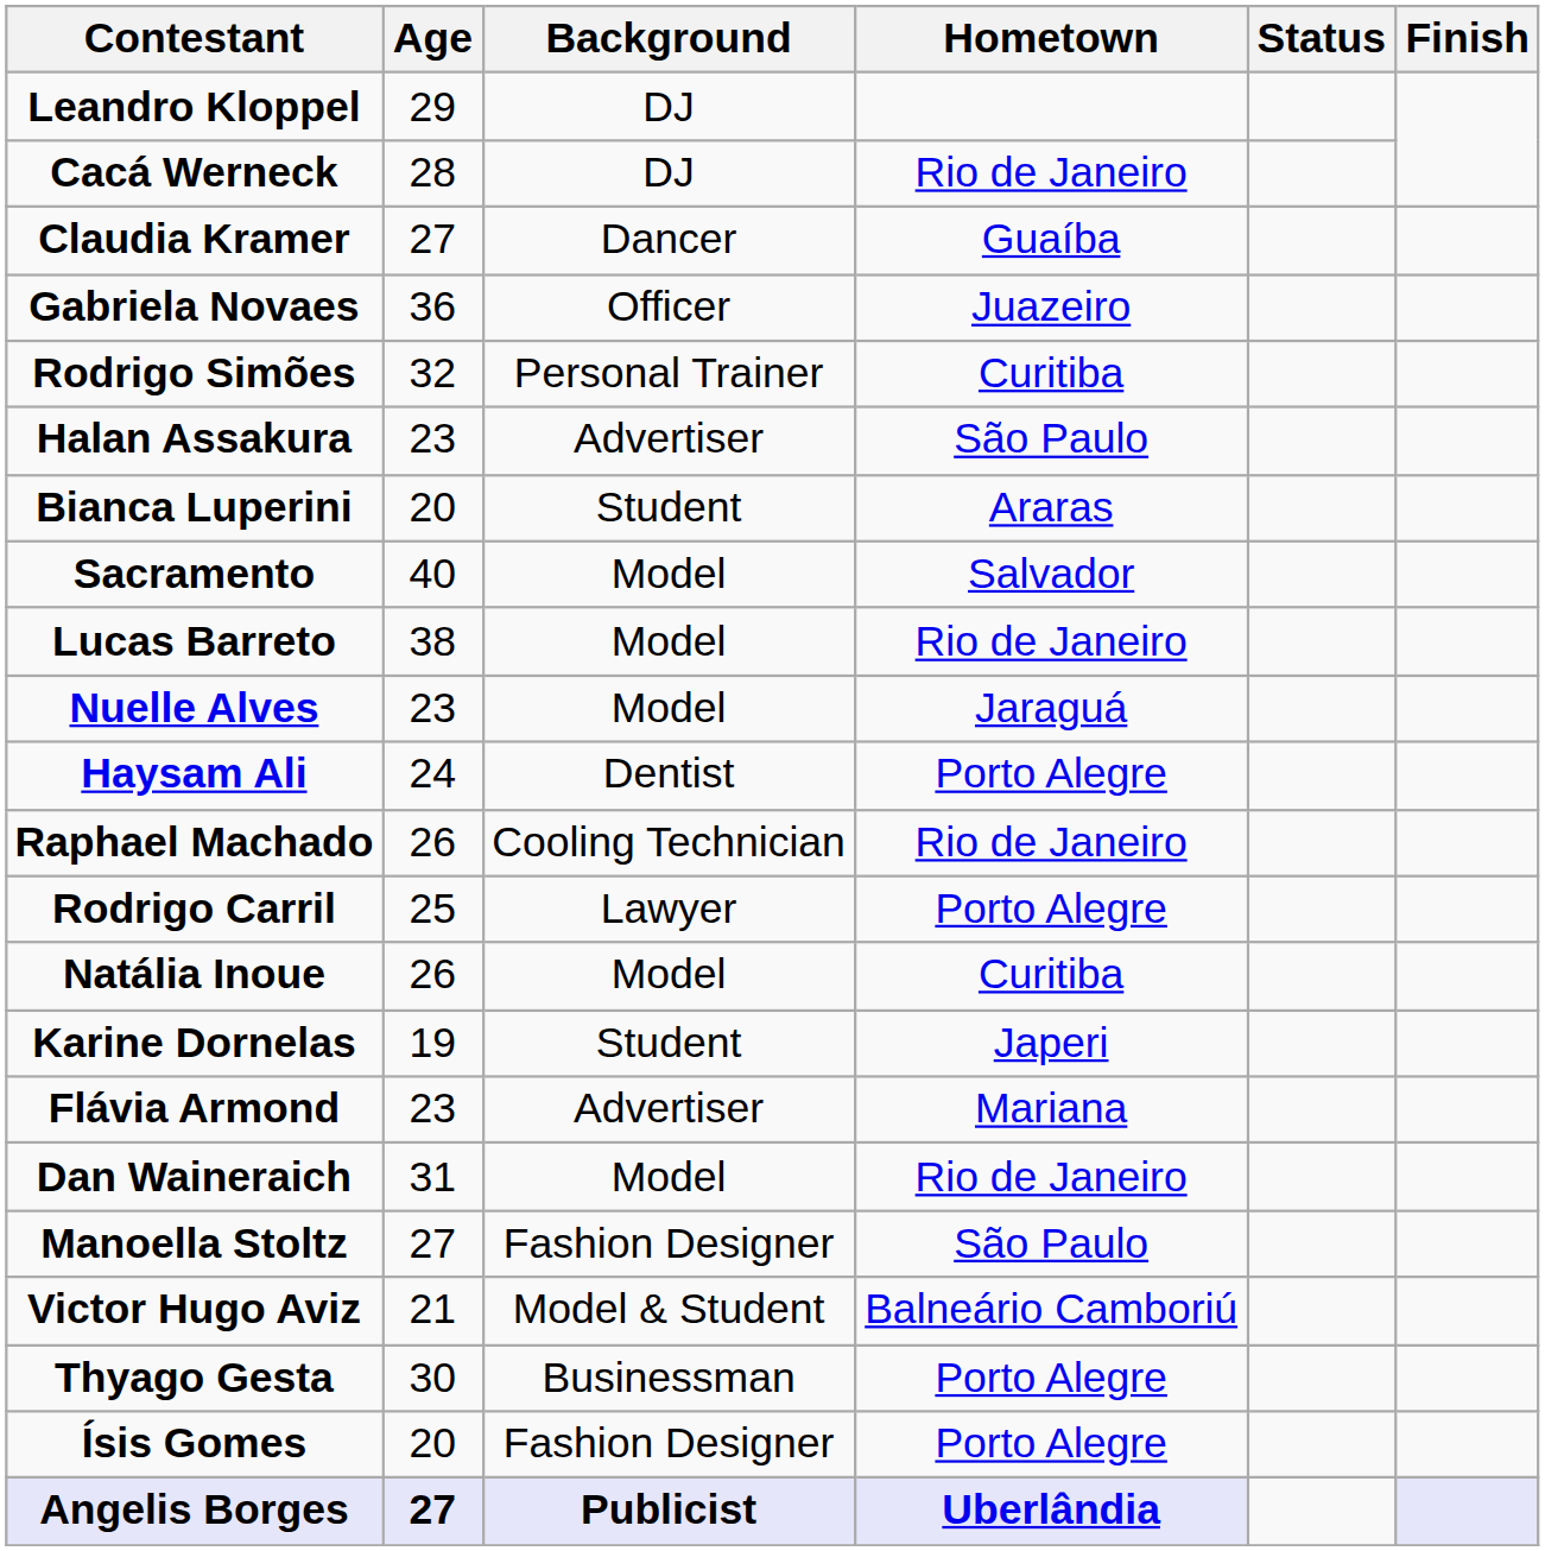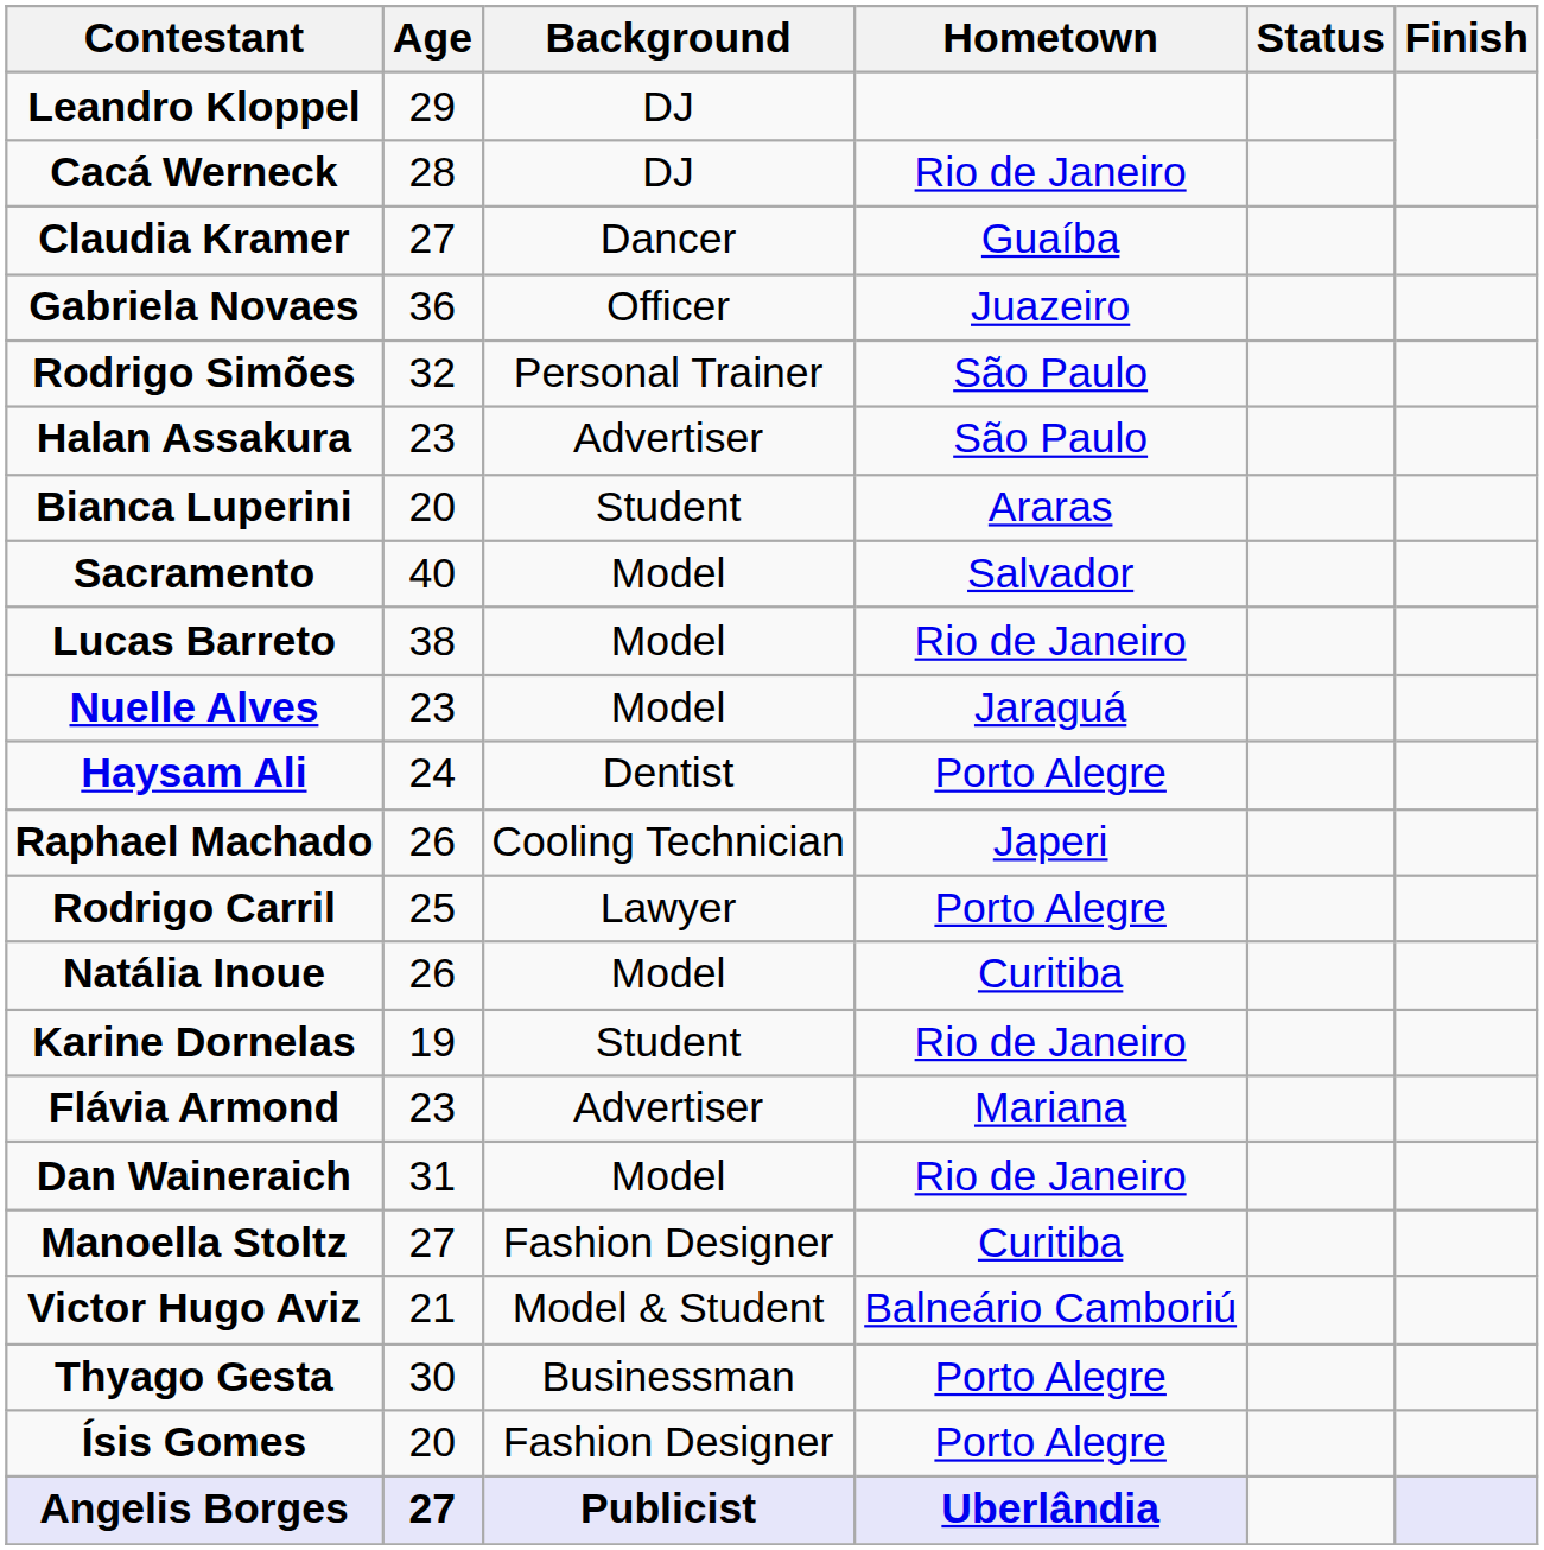 <table class= "wikitable sortable" style="text-align: center; margin:auto; align: center">
 <tr>
 <th>Contestant</th>
 <th>Age</th>
 <th>Background</th>
 <th>Hometown</th>
 <th>Status</th>
 <th>Finish</th>
 </tr>
 <tr>
 <td><strong>Leandro Kloppel</strong></td>
 <td>29</td>
 <td>DJ</td>
 <td><a href='#'></a></td>
 <td></td>
 <td rowspan=2 style="text-align:center;"></td>
 </tr>
 <tr>
 <td><strong>Cacá Werneck</strong></td>
 <td>28</td>
 <td>DJ</td>
 <td><a href='#'>Rio de Janeiro</a></td>
 <td></td>
 </tr>
 <tr>
 <td><strong>Claudia Kramer</strong></td>
 <td>27</td>
 <td>Dancer</td>
 <td><a href='#'>Guaíba</a></td>
 <td></td>
 <td></td>
 </tr>
 <tr>
 <td><strong>Gabriela Novaes</strong></td>
 <td>36</td>
 <td>Officer</td>
 <td><a href='#'>Juazeiro</a></td>
 <td></td>
 <td></td>
 </tr>
 <tr>
 <td><strong>Rodrigo Simões</strong></td>
 <td>32</td>
 <td>Personal Trainer</td>
-<td><a href='#'>Curitiba</a></td>
+<td><a href='#'>São Paulo</a></td>
 <td></td>
 <td></td>
 </tr>
 <tr>
 <td><strong>Halan Assakura</strong></td>
 <td>23</td>
 <td>Advertiser</td>
 <td><a href='#'>São Paulo</a></td>
 <td></td>
 <td></td>
 </tr>
 <tr>
 <td><strong>Bianca Luperini</strong></td>
 <td>20</td>
 <td>Student</td>
 <td><a href='#'>Araras</a></td>
 <td></td>
 <td></td>
 </tr>
 <tr>
 <td><strong>Sacramento</strong></td>
 <td>40</td>
 <td>Model</td>
 <td><a href='#'>Salvador</a></td>
 <td></td>
 <td></td>
 </tr>
 <tr>
 <td><strong>Lucas Barreto</strong></td>
 <td>38</td>
 <td>Model</td>
 <td><a href='#'>Rio de Janeiro</a></td>
 <td></td>
 <td></td>
 </tr>
 <tr>
 <td><strong><a href='#'>Nuelle Alves</a></strong></td>
 <td>23</td>
 <td>Model</td>
 <td><a href='#'>Jaraguá</a></td>
 <td></td>
 <td></td>
 </tr>
 <tr>
 <td><strong><a href='#'>Haysam Ali</a></strong></td>
 <td>24</td>
 <td>Dentist</td>
 <td><a href='#'>Porto Alegre</a></td>
 <td></td>
 <td></td>
 </tr>
 <tr>
 <td nowrap><strong>Raphael Machado</strong></td>
 <td>26</td>
 <td>Cooling Technician</td>
-<td><a href='#'>Rio de Janeiro</a></td>
+<td><a href='#'>Japeri</a></td>
 <td></td>
 <td></td>
 </tr>
 <tr>
 <td><strong>Rodrigo Carril</strong></td>
 <td>25</td>
 <td>Lawyer</td>
 <td><a href='#'>Porto Alegre</a></td>
 <td></td>
 <td></td>
 </tr>
 <tr>
 <td><strong>Natália Inoue</strong></td>
 <td>26</td>
 <td>Model</td>
 <td><a href='#'>Curitiba</a></td>
 <td></td>
 <td></td>
 </tr>
 <tr>
 <td><strong>Karine Dornelas</strong></td>
 <td>19</td>
 <td>Student</td>
-<td><a href='#'>Japeri</a></td>
+<td><a href='#'>Rio de Janeiro</a></td>
 <td></td>
 <td></td>
 </tr>
 <tr>
 <td><strong>Flávia Armond</strong></td>
 <td>23</td>
 <td>Advertiser</td>
 <td><a href='#'>Mariana</a></td>
 <td></td>
 <td></td>
 </tr>
 <tr>
 <td><strong>Dan Waineraich</strong></td>
 <td>31</td>
 <td>Model</td>
 <td><a href='#'>Rio de Janeiro</a></td>
 <td></td>
 <td></td>
 </tr>
 <tr>
 <td><strong>Manoella Stoltz</strong></td>
 <td>27</td>
 <td>Fashion Designer</td>
-<td><a href='#'>São Paulo</a></td>
+<td><a href='#'>Curitiba</a></td>
 <td></td>
 <td></td>
 </tr>
 <tr>
 <td><strong>Victor Hugo Aviz</strong></td>
 <td>21</td>
 <td>Model & Student</td>
 <td><a href='#'>Balneário Camboriú</a></td>
 <td></td>
 <td></td>
 </tr>
 <tr>
 <td><strong>Thyago Gesta</strong></td>
 <td>30</td>
 <td>Businessman</td>
 <td><a href='#'>Porto Alegre</a></td>
 <td></td>
 <td></td>
 </tr>
 <tr>
 <td><strong>Ísis Gomes</strong></td>
 <td>20</td>
 <td>Fashion Designer</td>
 <td><a href='#'>Porto Alegre</a></td>
 <td></td>
 <td></td>
 </tr>
 <tr>
 <td bgcolor="E6E6FA" nowrap><strong>Angelis Borges</strong></td>
 <td bgcolor="E6E6FA"><strong>27</strong></td>
 <td bgcolor="E6E6FA"><strong>Publicist</strong></td>
 <td bgcolor="E6E6FA"><strong><a href='#'>Uberlândia</a></strong></td>
 <td></td>
 <td bgcolor="E6E6FA"><strong></strong></td>
 </tr>
 <tr>
 </tr>
 </table>
